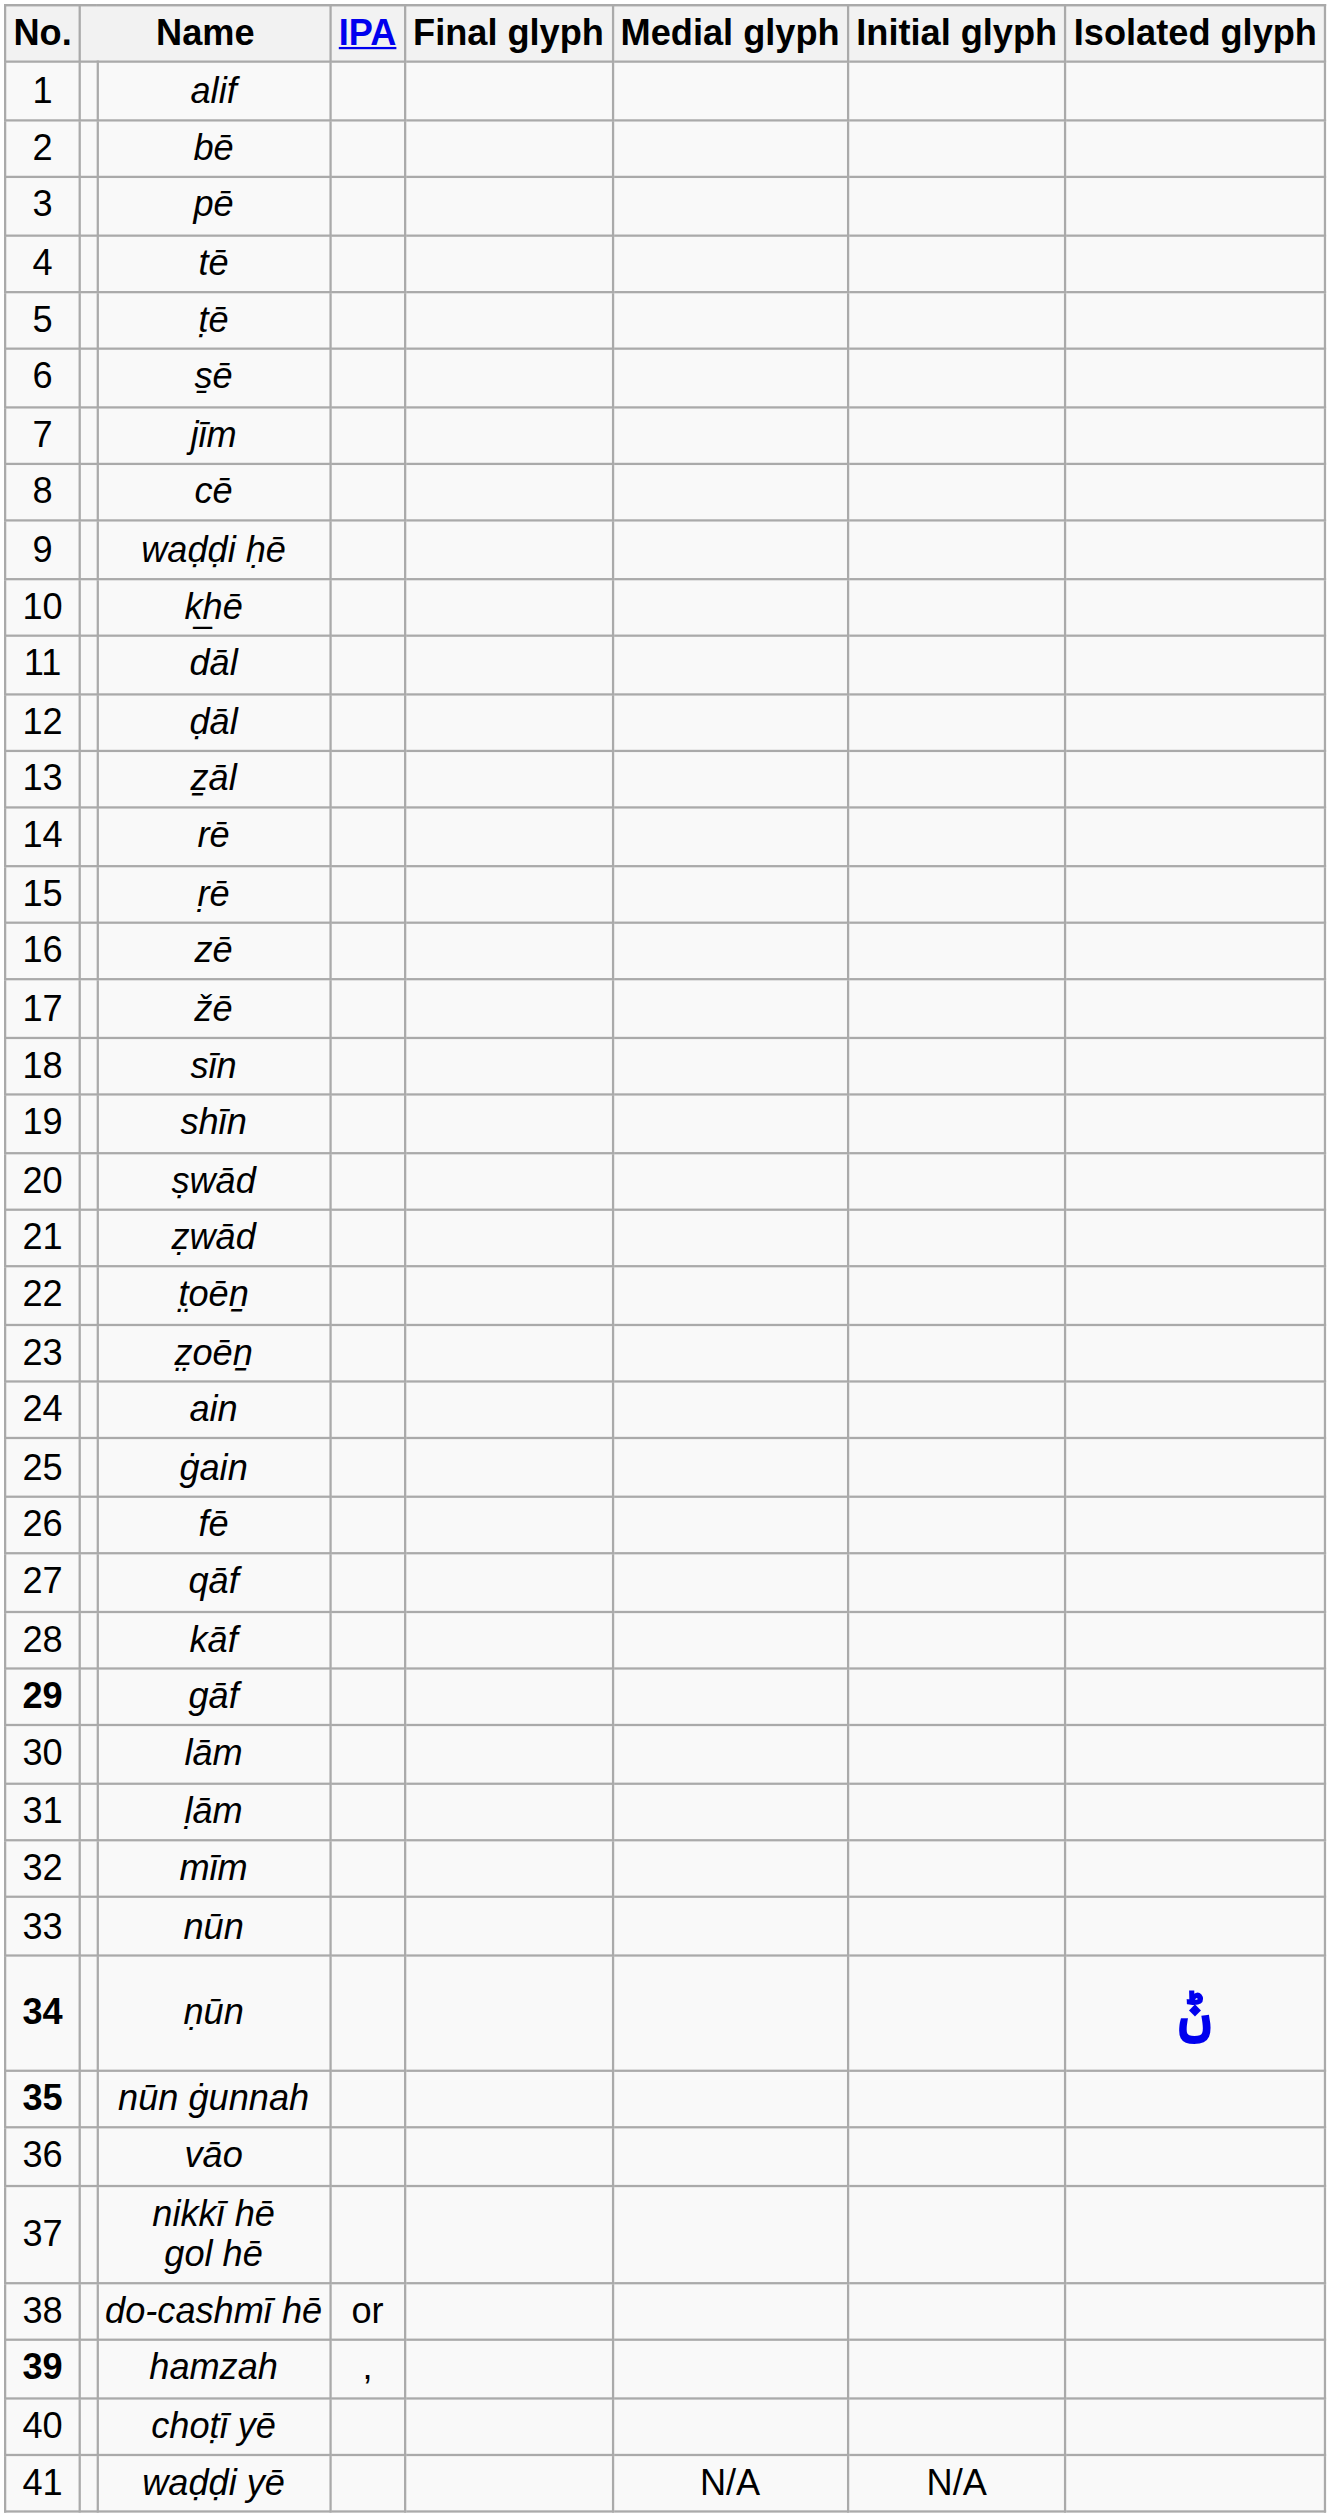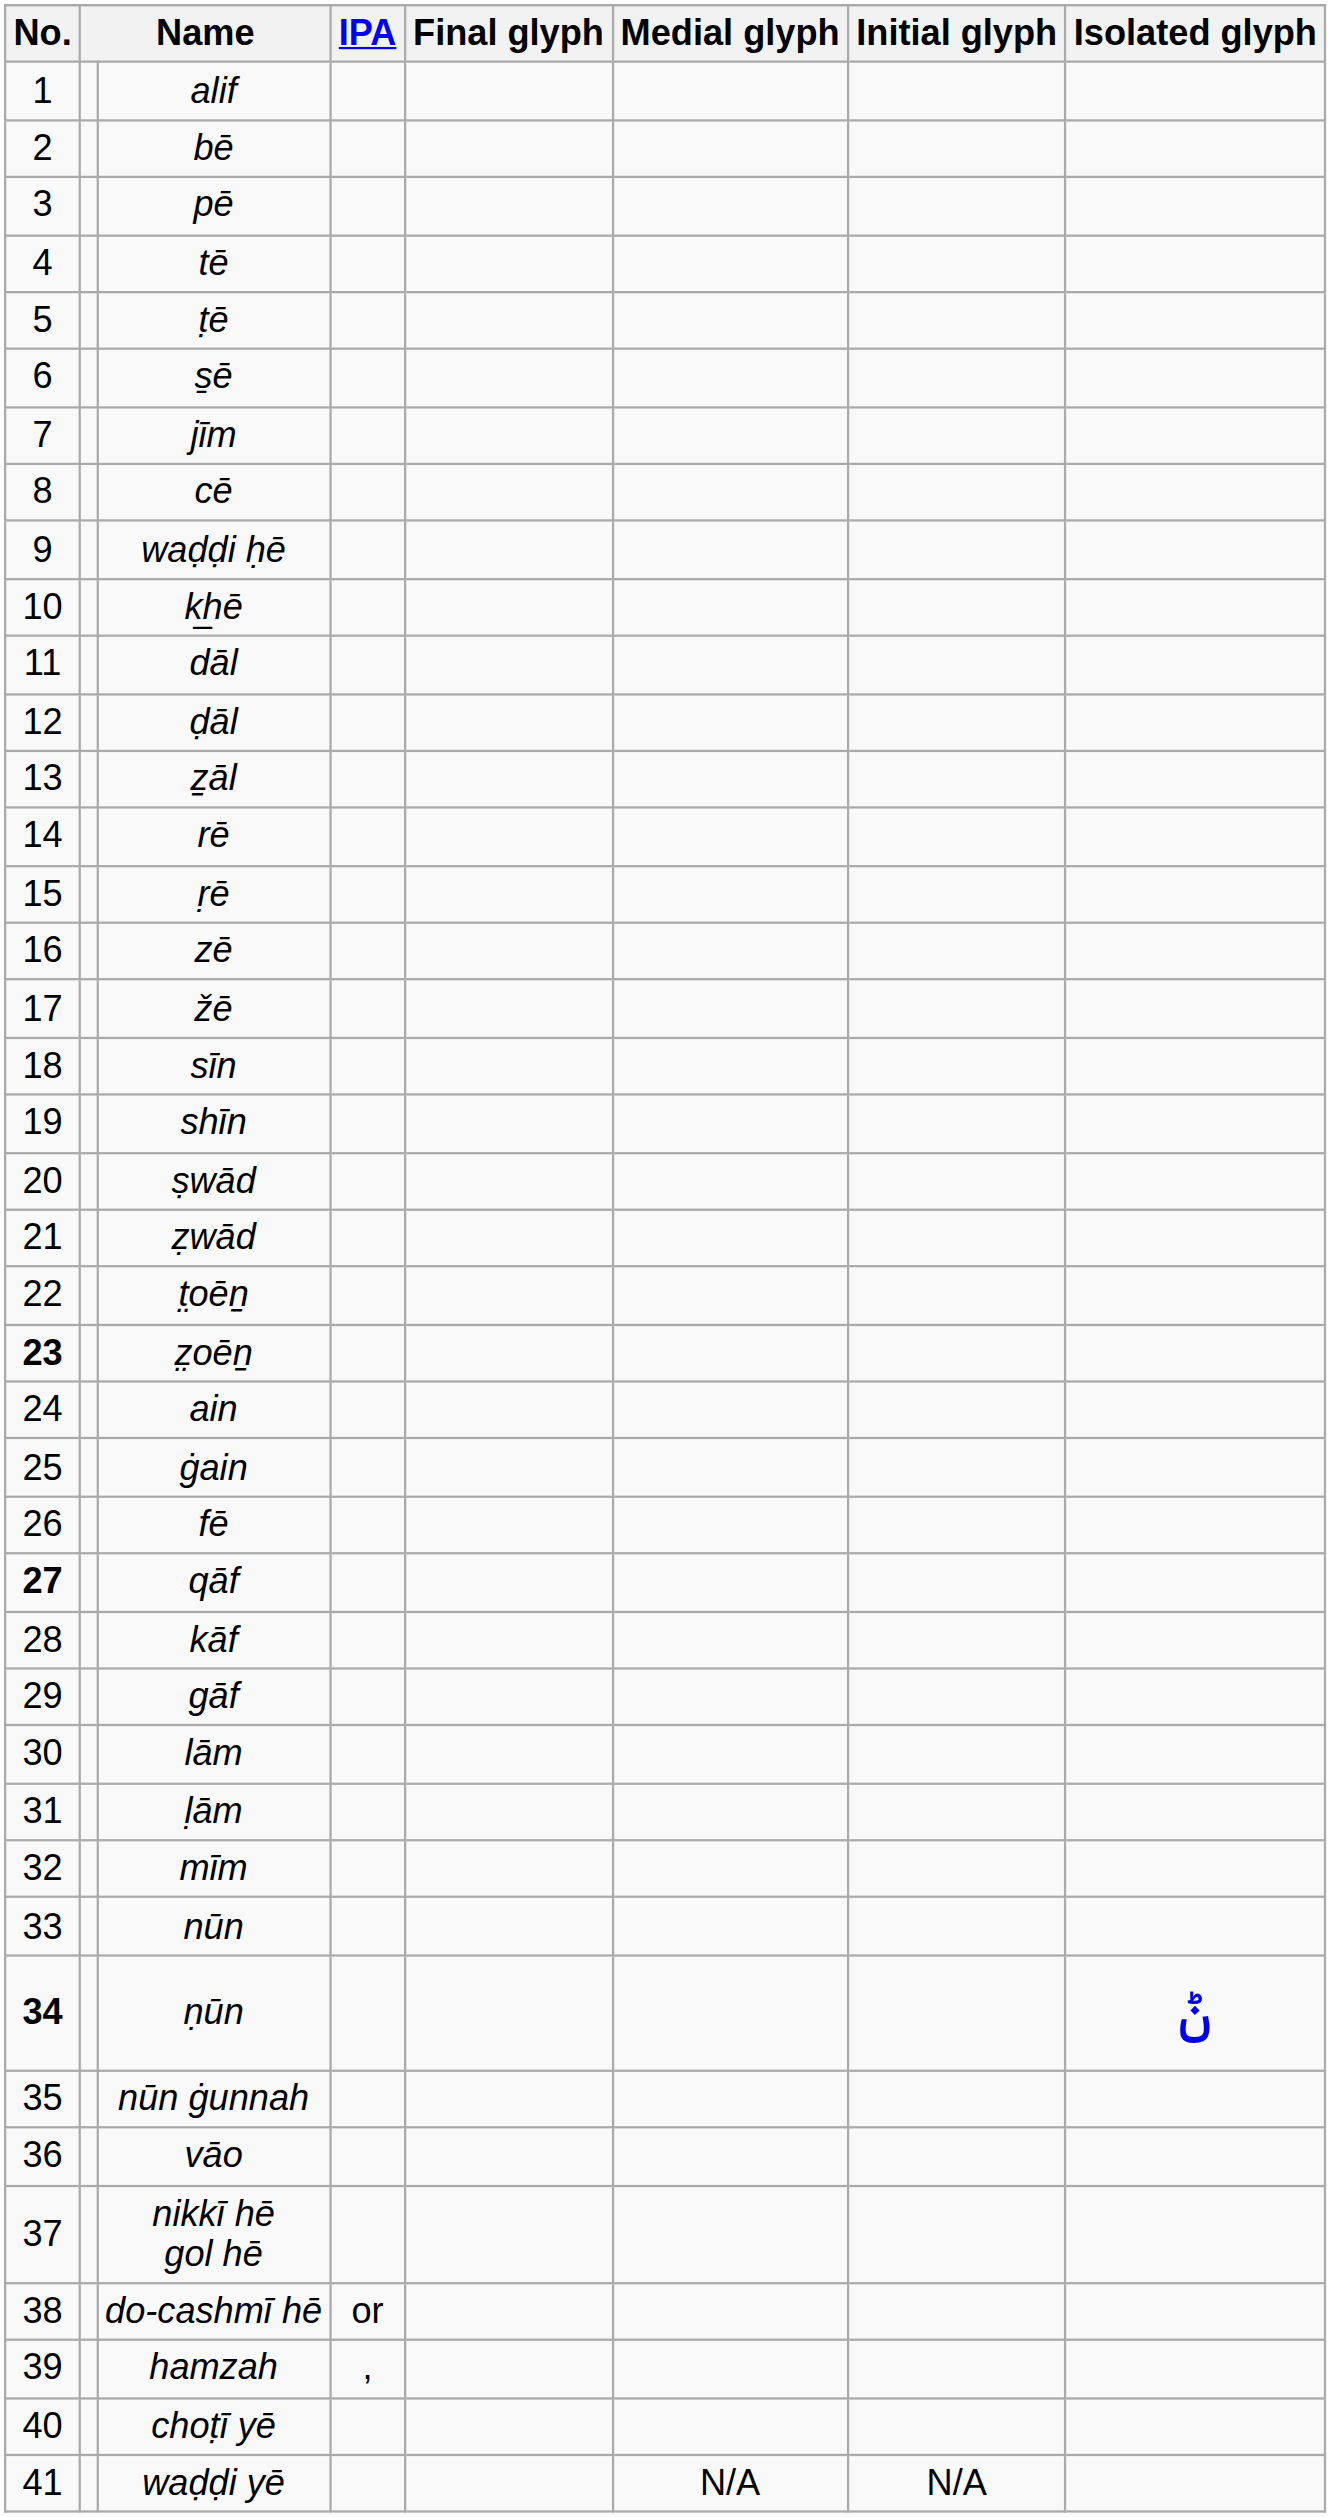 <table class="wikitable" style=text-align:center>
 <tr>
 </tr>
 <tr>
 <th>No.</th>
 <th colspan="2">Name</th>
 <th><a href='#'>IPA</a></th>
 <th>Final glyph</th>
 <th>Medial glyph</th>
 <th>Initial glyph</th>
 <th>Isolated glyph</th>
 </tr>
 <tr>
 <td>1</td>
 <td></td>
 <td><em>alif</em></td>
 <td></td>
 <td></td>
 <td></td>
 <td></td>
 <td style="height:150%;padding:10px;font-size: 160%;"></td>
 </tr>
 <tr>
 <td>2</td>
 <td></td>
 <td><em>bē</em></td>
 <td></td>
 <td></td>
 <td></td>
 <td></td>
 <td style="height:150%;padding:10px;font-size: 160%;"></td>
 </tr>
 <tr>
 <td>3</td>
 <td></td>
 <td><em>pē</em></td>
 <td></td>
 <td></td>
 <td></td>
 <td></td>
 <td style="height:150%;padding:10px;font-size: 160%;"></td>
 </tr>
 <tr>
 <td>4</td>
 <td></td>
 <td><em>tē</em></td>
 <td></td>
 <td></td>
 <td></td>
 <td></td>
 <td style="height:150%;padding:10px;font-size: 160%;"></td>
 </tr>
 <tr>
 <td>5</td>
 <td></td>
 <td><em>ṭē</em></td>
 <td></td>
 <td></td>
 <td></td>
 <td></td>
 <td style="height:150%;padding:10px;font-size: 160%;"></td>
 </tr>
 <tr>
 <td>6</td>
 <td></td>
 <td><em>s̱ē</em></td>
 <td></td>
 <td></td>
 <td></td>
 <td></td>
 <td style="height:150%;padding:10px;font-size: 160%;"></td>
 </tr>
 <tr>
 <td>7</td>
 <td></td>
 <td><em>jīm</em></td>
 <td></td>
 <td></td>
 <td></td>
 <td></td>
 <td style="height:150%;padding:10px;font-size: 160%;"></td>
 </tr>
 <tr>
 <td>8</td>
 <td></td>
 <td><em>cē</em></td>
 <td></td>
 <td></td>
 <td></td>
 <td></td>
 <td style="height:150%;padding:10px;font-size: 160%;"></td>
 </tr>
 <tr>
 <td>9</td>
 <td></td>
 <td><em>waḍḍi ḥē</em></td>
 <td></td>
 <td></td>
 <td></td>
 <td></td>
 <td style="height:150%;padding:10px;font-size: 160%;"></td>
 </tr>
 <tr>
 <td>10</td>
 <td></td>
 <td><em>k͟hē</em></td>
 <td></td>
 <td></td>
 <td></td>
 <td></td>
 <td style="height:150%;padding:10px;font-size: 160%;"></td>
 </tr>
 <tr>
 <td>11</td>
 <td></td>
 <td><em>dāl</em></td>
 <td></td>
 <td></td>
 <td></td>
 <td></td>
 <td style="height:150%;padding:10px;font-size: 160%;"></td>
 </tr>
 <tr>
 <td>12</td>
 <td></td>
 <td><em>ḍāl</em></td>
 <td></td>
 <td></td>
 <td></td>
 <td></td>
 <td style="height:150%;padding:10px;font-size: 160%;"></td>
 </tr>
 <tr>
 <td>13</td>
 <td></td>
 <td><em>ẕāl</em></td>
 <td></td>
 <td></td>
 <td></td>
 <td></td>
 <td style="height:150%;padding:10px;font-size: 160%;"></td>
 </tr>
 <tr>
 <td>14</td>
 <td></td>
 <td><em>rē</em></td>
 <td></td>
 <td></td>
 <td></td>
 <td></td>
 <td style="height:150%;padding:10px;font-size: 160%;"></td>
 </tr>
 <tr>
 <td>15</td>
 <td></td>
 <td><em>ṛē</em></td>
 <td></td>
 <td></td>
 <td></td>
 <td></td>
 <td style="height:150%;padding:10px;font-size: 160%;"></td>
 </tr>
 <tr>
 <td>16</td>
 <td></td>
 <td><em>zē</em></td>
 <td></td>
 <td></td>
 <td></td>
 <td></td>
 <td style="height:150%;padding:10px;font-size: 160%;"></td>
 </tr>
 <tr>
 <td>17</td>
 <td></td>
 <td><em>žē</em></td>
 <td></td>
 <td></td>
 <td></td>
 <td></td>
 <td style="height:150%;padding:10px;font-size: 160%;"></td>
 </tr>
 <tr>
 <td>18</td>
 <td></td>
 <td><em>sīn</em></td>
 <td></td>
 <td></td>
 <td></td>
 <td></td>
 <td style="height:150%;padding:10px;font-size: 160%;"></td>
 </tr>
 <tr>
 <td>19</td>
 <td></td>
 <td><em>shīn</em></td>
 <td></td>
 <td></td>
 <td></td>
 <td></td>
 <td style="height:150%;padding:10px;font-size: 160%;"></td>
 </tr>
 <tr>
 <td>20</td>
 <td></td>
 <td><em>ṣwād</em></td>
 <td></td>
 <td></td>
 <td></td>
 <td></td>
 <td style="height:150%;padding:10px;font-size: 160%;"></td>
 </tr>
 <tr>
 <td>21</td>
 <td></td>
 <td><em>ẓwād</em></td>
 <td></td>
 <td></td>
 <td></td>
 <td></td>
 <td style="height:150%;padding:10px;font-size: 160%;"></td>
 </tr>
 <tr>
 <td>22</td>
 <td></td>
 <td><em>t̤oēṉ</em></td>
 <td></td>
 <td></td>
 <td></td>
 <td></td>
 <td style="height:150%;padding:10px;font-size: 160%;"></td>
 </tr>
 <tr>
-<td>23</td>
+<td><strong>23</strong></td>
 <td></td>
 <td><em>z̤oēṉ</em></td>
 <td></td>
 <td></td>
 <td></td>
 <td></td>
 <td style="height:150%;padding:10px;font-size: 160%;"></td>
 </tr>
 <tr>
 <td>24</td>
 <td></td>
 <td><em>ain</em></td>
 <td></td>
 <td></td>
 <td></td>
 <td></td>
 <td style="height:150%;padding:10px;font-size: 160%;"></td>
 </tr>
 <tr>
 <td>25</td>
 <td></td>
 <td><em>ġain</em></td>
 <td></td>
 <td></td>
 <td></td>
 <td></td>
 <td style="height:150%;padding:10px;font-size: 160%;"></td>
 </tr>
 <tr>
 <td>26</td>
 <td></td>
 <td><em>fē</em></td>
 <td></td>
 <td></td>
 <td></td>
 <td></td>
 <td style="height:150%;padding:10px;font-size: 160%;"></td>
 </tr>
 <tr>
-<td>27</td>
+<td><strong>27</strong></td>
 <td></td>
 <td><em>qāf</em></td>
 <td></td>
 <td></td>
 <td></td>
 <td></td>
 <td style="height:150%;padding:10px;font-size: 160%;"></td>
 </tr>
 <tr>
 <td>28</td>
 <td></td>
 <td><em>kāf</em></td>
 <td></td>
 <td></td>
 <td></td>
 <td></td>
 <td style="height:150%;padding:10px;font-size: 160%;"></td>
 </tr>
 <tr>
-<td><strong>29</strong></td>
+<td>29</td>
 <td></td>
 <td><em>gāf</em></td>
 <td></td>
 <td></td>
 <td></td>
 <td></td>
 <td style="height:150%;padding:10px;font-size: 160%;"></td>
 </tr>
 <tr>
 <td>30</td>
 <td></td>
 <td><em>lām</em></td>
 <td></td>
 <td></td>
 <td></td>
 <td></td>
 <td style="height:150%;padding:10px;font-size: 160%;"></td>
 </tr>
 <tr>
 <td>31</td>
 <td></td>
 <td><em>ḷām</em></td>
 <td></td>
 <td></td>
 <td></td>
 <td></td>
 <td style="height:150%;padding:10px;font-size: 160%;"></td>
 </tr>
 <tr>
 <td>32</td>
 <td></td>
 <td><em>mīm</em></td>
 <td></td>
 <td></td>
 <td></td>
 <td></td>
 <td style="height:150%;padding:10px;font-size: 160%;"></td>
 </tr>
 <tr>
 <td>33</td>
 <td></td>
 <td><em>nūn</em></td>
 <td></td>
 <td></td>
 <td></td>
 <td></td>
 <td style="height:150%;padding:10px;font-size: 160%;"></td>
 </tr>
 <tr>
 <td><strong>34</strong></td>
 <td></td>
 <td><em>ṇūn</em></td>
 <td></td>
 <td></td>
 <td></td>
 <td></td>
-<td style="height:150%;padding:10px;font-size: 160%;"><strong><div><a href='#'>ݨ</a></div></strong></td>
+<td style="height:150%;padding:10px;font-size: 160%;"><div><a href='#'>ݨ</a></div></td>
 </tr>
 <tr>
-<td><strong>35</strong></td>
+<td>35</td>
 <td></td>
 <td><em>nūn ġunnah</em></td>
 <td></td>
 <td></td>
 <td></td>
 <td></td>
 <td style="height:150%;padding:10px;font-size: 160%;"></td>
 </tr>
 <tr>
 <td>36</td>
 <td></td>
 <td><em>vāo</em></td>
 <td></td>
 <td></td>
 <td></td>
 <td></td>
 <td style="height:150%;padding:10px;font-size: 160%;"></td>
 </tr>
 <tr>
 <td>37</td>
 <td><br></td>
 <td><em>nikkī hē</em><br><em>gol hē</em></td>
 <td></td>
 <td></td>
 <td></td>
 <td></td>
 <td style="height:150%;padding:10px;font-size: 160%;"></td>
 </tr>
 <tr>
 <td>38</td>
 <td></td>
 <td><em>do-cashmī hē</em></td>
 <td> or </td>
 <td></td>
 <td></td>
 <td></td>
 <td style="height:150%;padding:10px;font-size: 160%;"></td>
 </tr>
 <tr>
-<td><strong>39</strong></td>
+<td>39</td>
 <td></td>
 <td><em>hamzah</em></td>
 <td>, </td>
 <td></td>
 <td></td>
 <td></td>
 <td style="height:150%;padding:10px;font-size: 160%;"></td>
 </tr>
 <tr>
 <td>40</td>
 <td></td>
 <td><em>choṭī yē</em></td>
 <td></td>
 <td></td>
 <td></td>
 <td></td>
 <td style="height:150%;padding:10px;font-size: 160%;"></td>
 </tr>
 <tr>
 <td>41</td>
 <td></td>
 <td><em>waḍḍi yē</em></td>
 <td></td>
 <td></td>
 <td>N/A</td>
 <td>N/A</td>
 <td style="height:150%;padding:10px;font-size: 160%;"></td>
 </tr>
 </table>
